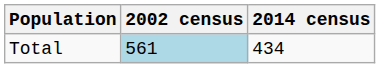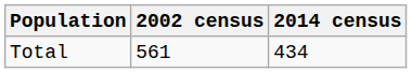 <table class="wikitable">
 <tr>
 <th>Population</th>
 <th>2002 census</th>
 <th>2014 census</th>
 </tr>
 <tr>
 <td>Total</td>
-<td style="background: lightblue;">561</td>
+<td>561</td>
 <td>434</td>
 </tr>
 </table>
